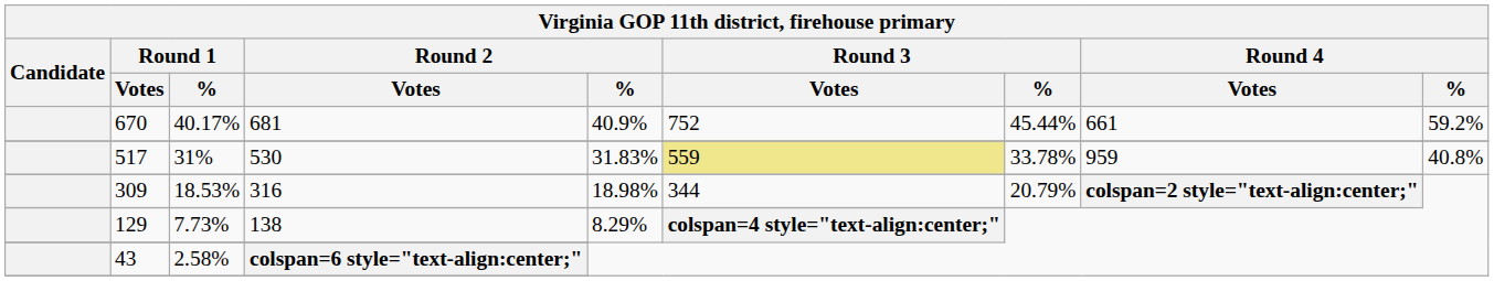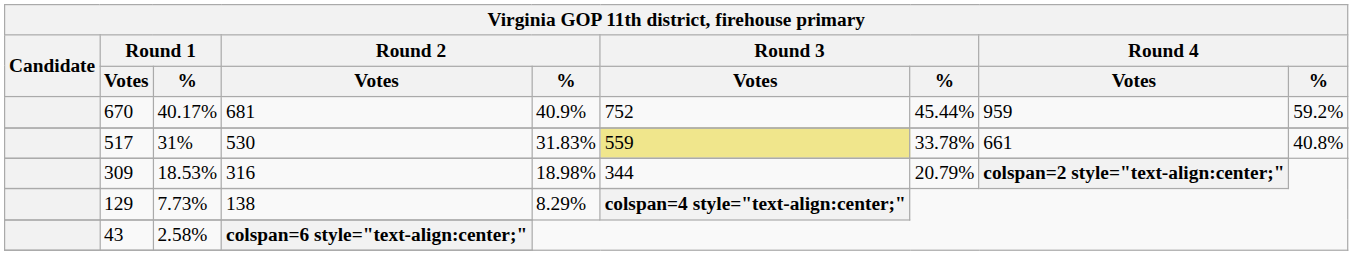 <table class="wikitable sortable">
 <tr>
 <th colspan=" 9 ">Virginia GOP 11th district, firehouse primary</th>
 </tr>
 <tr style="background:#eee; text-align:center;">
 <th rowspan=2 style="text-align:center;">Candidate</th>
 <th colspan=2 style="text-align:center;">Round 1</th>
 <th colspan=2 style="text-align:center;">Round 2</th>
 <th colspan=2 style="text-align:center;">Round 3</th>
 <th colspan=2 style="text-align:center;">Round 4</th>
 </tr>
 <tr>
 <th>Votes</th>
 <th>%</th>
 <th>Votes</th>
 <th>%</th>
 <th>Votes</th>
 <th>%</th>
 <th>Votes</th>
 <th>%</th>
 </tr>
 <tr>
 <th scope="row" style="text-align:left;"></th>
 <td>670</td>
 <td>40.17%</td>
 <td>681</td>
 <td>40.9%</td>
 <td>752</td>
 <td>45.44%</td>
-<td>661</td>
+<td> 959</td>
 <td> 59.2%</td>
 </tr>
 <tr>
 </tr>
 <tr>
 <th scope="row" style="text-align:left;"></th>
 <td>517</td>
 <td>31%</td>
 <td>530</td>
 <td>31.83%</td>
 <td style="background: khaki;">559</td>
 <td>33.78%</td>
-<td> 959</td>
+<td>661</td>
 <td>40.8%</td>
 </tr>
 <tr>
 </tr>
 <tr>
 <th scope="row" style="text-align:left;"></th>
 <td>309</td>
 <td>18.53%</td>
 <td>316</td>
 <td>18.98%</td>
 <td>344</td>
 <td>20.79%</td>
 <th>colspan=2 style="text-align:center;" </th>
 </tr>
 <tr>
 </tr>
 <tr>
 <th scope="row" style="text-align:left;"></th>
 <td>129</td>
 <td>7.73%</td>
 <td>138</td>
 <td>8.29%</td>
 <th>colspan=4 style="text-align:center;" </th>
 </tr>
 <tr>
 </tr>
 <tr>
 <th scope="row" style="text-align:left;"></th>
 <td>43</td>
 <td>2.58%</td>
 <th>colspan=6 style="text-align:center;" </th>
 </tr>
 <tr>
 </tr>
 </table>
